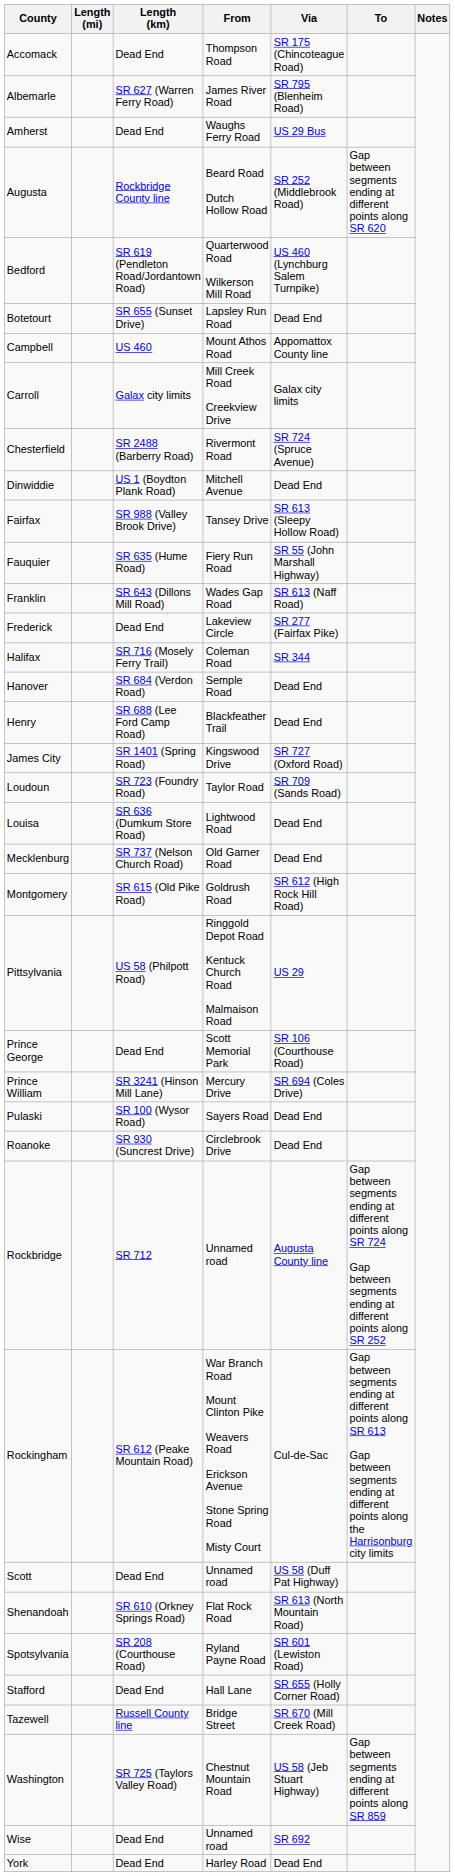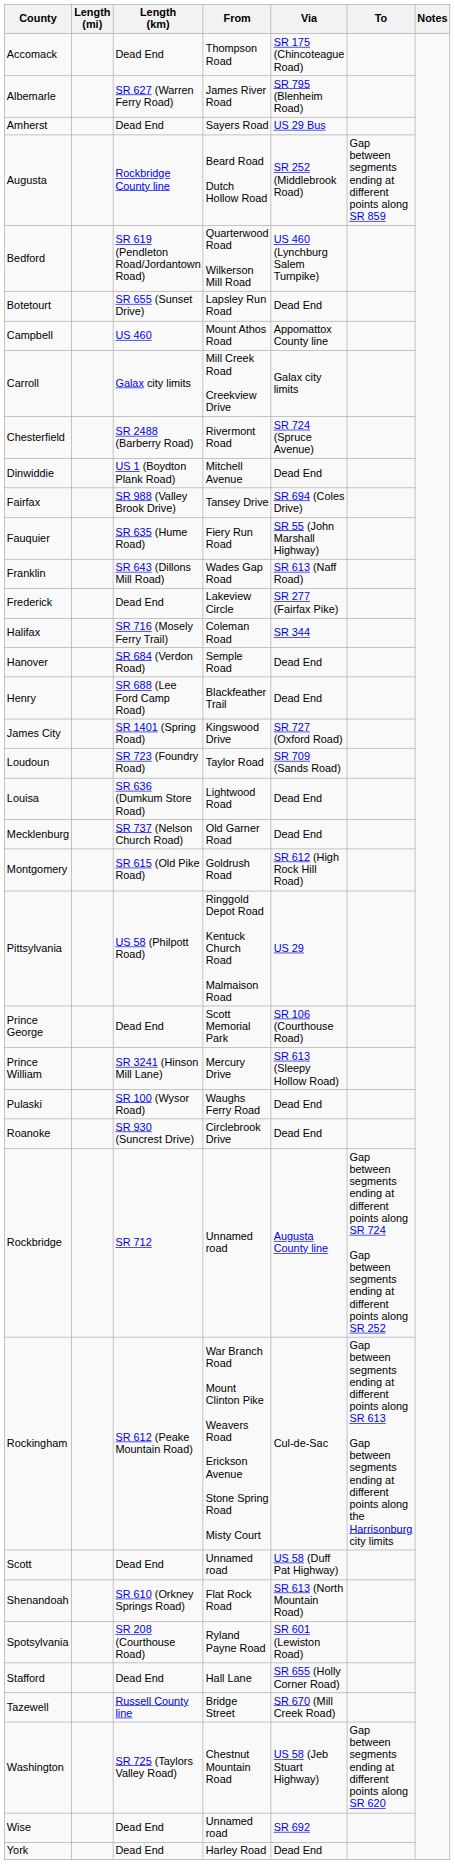 <table class="wikitable sortable">
 <tr>
 <th>County</th>
 <th>Length<br>(mi)</th>
 <th>Length<br>(km)</th>
 <th class="unsortable">From</th>
 <th class="unsortable">Via</th>
 <th class="unsortable">To</th>
 <th class="unsortable">Notes</th>
 </tr>
 <tr>
 <td id="Accomack">Accomack</td>
 <td></td>
 <td>Dead End</td>
 <td>Thompson Road</td>
 <td><a href='#'>SR 175</a> (Chincoteague Road)</td>
 <td></td>
 </tr>
 <tr>
 <td id="Albemarle">Albemarle</td>
 <td></td>
 <td><a href='#'>SR 627</a> (Warren Ferry Road)</td>
 <td>James River Road</td>
 <td><a href='#'>SR 795</a> (Blenheim Road)</td>
 <td><br> </td>
 </tr>
 <tr>
 <td id="Amherst">Amherst</td>
 <td></td>
 <td>Dead End</td>
-<td>Waughs Ferry Road</td>
+<td>Sayers Road</td>
 <td><a href='#'>US 29 Bus</a></td>
 <td><br> </td>
 </tr>
 <tr>
 <td id="Augusta">Augusta</td>
 <td></td>
 <td><a href='#'>Rockbridge County line</a></td>
 <td>Beard Road<br><br>Dutch Hollow Road</td>
 <td><a href='#'>SR 252</a> (Middlebrook Road)</td>
-<td>Gap between segments ending at different points along <a href='#'>SR 620</a><br></td>
+<td>Gap between segments ending at different points along <a href='#'>SR 859</a><br></td>
 </tr>
 <tr>
 <td id="Bedford">Bedford</td>
 <td></td>
 <td><a href='#'>SR 619</a> (Pendleton Road/Jordantown Road)</td>
 <td>Quarterwood Road<br><br>Wilkerson Mill Road</td>
 <td><a href='#'>US 460</a> (Lynchburg Salem Turnpike)</td>
 <td><br></td>
 </tr>
 <tr>
 <td id="Botetourt">Botetourt</td>
 <td></td>
 <td><a href='#'>SR 655</a> (Sunset Drive)</td>
 <td>Lapsley Run Road</td>
 <td>Dead End</td>
 <td><br>  </td>
 </tr>
 <tr>
 <td id="Campbell">Campbell</td>
 <td></td>
 <td><a href='#'>US 460</a></td>
 <td>Mount Athos Road</td>
 <td>Appomattox County line</td>
 <td><br></td>
 </tr>
 <tr>
 <td id="Carroll">Carroll</td>
 <td></td>
 <td><a href='#'>Galax</a> city limits</td>
 <td>Mill Creek Road<br><br>Creekview Drive</td>
 <td>Galax city limits</td>
 <td><br> </td>
 </tr>
 <tr>
 <td id="Chesterfield">Chesterfield</td>
 <td></td>
 <td><a href='#'>SR 2488</a> (Barberry Road)</td>
 <td>Rivermont Road</td>
 <td><a href='#'>SR 724</a> (Spruce Avenue)</td>
 <td><br>    </td>
 </tr>
 <tr>
 <td id="Dinwiddie">Dinwiddie</td>
 <td></td>
 <td><a href='#'>US 1</a> (Boydton Plank Road)</td>
 <td>Mitchell Avenue</td>
 <td>Dead End</td>
 <td><br></td>
 </tr>
 <tr>
 <td id="Fairfax">Fairfax</td>
 <td></td>
 <td><a href='#'>SR 988</a> (Valley Brook Drive)</td>
 <td>Tansey Drive</td>
-<td><a href='#'>SR 613</a> (Sleepy Hollow Road)</td>
+<td><a href='#'>SR 694</a> (Coles Drive)</td>
 <td></td>
 </tr>
 <tr>
 <td id="Fauquier">Fauquier</td>
 <td></td>
 <td><a href='#'>SR 635</a> (Hume Road)</td>
 <td>Fiery Run Road</td>
 <td><a href='#'>SR 55</a> (John Marshall Highway)</td>
 <td><br> </td>
 </tr>
 <tr>
 <td id="Franklin">Franklin</td>
 <td></td>
 <td><a href='#'>SR 643</a> (Dillons Mill Road)</td>
 <td>Wades Gap Road</td>
 <td><a href='#'>SR 613</a> (Naff Road)</td>
 <td></td>
 </tr>
 <tr>
 <td id="Frederick">Frederick</td>
 <td></td>
 <td>Dead End</td>
 <td>Lakeview Circle</td>
 <td><a href='#'>SR 277</a> (Fairfax Pike)</td>
 <td><br>     </td>
 </tr>
 <tr>
 <td id="Halifax">Halifax</td>
 <td></td>
 <td><a href='#'>SR 716</a> (Mosely Ferry Trail)</td>
 <td>Coleman Road</td>
 <td><a href='#'>SR 344</a></td>
 <td></td>
 </tr>
 <tr>
 <td id="Hanover">Hanover</td>
 <td></td>
 <td><a href='#'>SR 684</a> (Verdon Road)</td>
 <td>Semple Road</td>
 <td>Dead End</td>
 <td><br></td>
 </tr>
 <tr>
 <td id="Henry">Henry</td>
 <td></td>
 <td><a href='#'>SR 688</a> (Lee Ford Camp Road)</td>
 <td>Blackfeather Trail</td>
 <td>Dead End</td>
 <td><br> </td>
 </tr>
 <tr>
 <td id="James City">James City</td>
 <td></td>
 <td><a href='#'>SR 1401</a> (Spring Road)</td>
 <td>Kingswood Drive</td>
 <td><a href='#'>SR 727</a> (Oxford Road)</td>
 <td><br>    </td>
 </tr>
 <tr>
 <td id="Loudoun">Loudoun</td>
 <td></td>
 <td><a href='#'>SR 723</a> (Foundry Road)</td>
 <td>Taylor Road</td>
 <td><a href='#'>SR 709</a> (Sands Road)</td>
 <td></td>
 </tr>
 <tr>
 <td id="Louisa">Louisa</td>
 <td></td>
 <td><a href='#'>SR 636</a> (Dumkum Store Road)</td>
 <td>Lightwood Road</td>
 <td>Dead End</td>
 <td><br>  </td>
 </tr>
 <tr>
 <td id="Mecklenburg">Mecklenburg</td>
 <td></td>
 <td><a href='#'>SR 737</a> (Nelson Church Road)</td>
 <td>Old Garner Road</td>
 <td>Dead End</td>
 <td><br></td>
 </tr>
 <tr>
 <td id="Montgomery">Montgomery</td>
 <td></td>
 <td><a href='#'>SR 615</a> (Old Pike Road)</td>
 <td>Goldrush Road</td>
 <td><a href='#'>SR 612</a> (High Rock Hill Road)</td>
 <td><br>       </td>
 </tr>
 <tr>
 <td id="Pittsylvania">Pittsylvania</td>
 <td></td>
 <td><a href='#'>US 58</a> (Philpott Road)</td>
 <td>Ringgold Depot Road<br><br>Kentuck Church Road<br><br>Malmaison Road</td>
 <td><a href='#'>US 29</a></td>
 <td><br> </td>
 </tr>
 <tr>
 <td id="Prince George">Prince George</td>
 <td></td>
 <td>Dead End</td>
 <td>Scott Memorial Park</td>
 <td><a href='#'>SR 106</a> (Courthouse Road)</td>
 <td></td>
 </tr>
 <tr>
 <td id="Prince William">Prince William</td>
 <td></td>
 <td><a href='#'>SR 3241</a> (Hinson Mill Lane)</td>
 <td>Mercury Drive</td>
-<td><a href='#'>SR 694</a> (Coles Drive)</td>
+<td><a href='#'>SR 613</a> (Sleepy Hollow Road)</td>
 <td></td>
 </tr>
 <tr>
 <td id="Pulaski">Pulaski</td>
 <td></td>
 <td><a href='#'>SR 100</a> (Wysor Road)</td>
-<td>Sayers Road</td>
+<td>Waughs Ferry Road</td>
 <td>Dead End</td>
 <td><br> </td>
 </tr>
 <tr>
 <td id="Roanoke">Roanoke</td>
 <td></td>
 <td><a href='#'>SR 930</a> (Suncrest Drive)</td>
 <td>Circlebrook Drive</td>
 <td>Dead End</td>
 <td></td>
 </tr>
 <tr>
 <td id="Rockbridge">Rockbridge</td>
 <td></td>
 <td><a href='#'>SR 712</a></td>
 <td>Unnamed road</td>
 <td><a href='#'>Augusta County line</a></td>
 <td>Gap between segments ending at different points along <a href='#'>SR 724</a><br><br>Gap between segments ending at different points along <a href='#'>SR 252</a></td>
 </tr>
 <tr>
 <td id="Rockingham">Rockingham</td>
 <td></td>
 <td><a href='#'>SR 612</a> (Peake Mountain Road)</td>
 <td>War Branch Road<br><br>Mount Clinton Pike<br><br>Weavers Road<br><br>Erickson Avenue<br><br>Stone Spring Road<br><br>Misty Court</td>
 <td>Cul-de-Sac</td>
 <td>Gap between segments ending at different points along <a href='#'>SR 613</a><br><br>Gap between segments ending at different points along the <a href='#'>Harrisonburg</a> city limits<br></td>
 </tr>
 <tr>
 <td id="Scott">Scott</td>
 <td></td>
 <td>Dead End</td>
 <td>Unnamed road</td>
 <td><a href='#'>US 58</a> (Duff Pat Highway)</td>
 <td></td>
 </tr>
 <tr>
 <td id="Shenandoah">Shenandoah</td>
 <td></td>
 <td><a href='#'>SR 610</a> (Orkney Springs Road)</td>
 <td>Flat Rock Road</td>
 <td><a href='#'>SR 613</a> (North Mountain Road)</td>
 <td><br> </td>
 </tr>
 <tr>
 <td id="Spotsylvania">Spotsylvania</td>
 <td></td>
 <td><a href='#'>SR 208</a> (Courthouse Road)</td>
 <td>Ryland Payne Road</td>
 <td><a href='#'>SR 601</a> (Lewiston Road)</td>
 <td></td>
 </tr>
 <tr>
 <td id="Stafford">Stafford</td>
 <td></td>
 <td>Dead End</td>
 <td>Hall Lane</td>
 <td><a href='#'>SR 655</a> (Holly Corner Road)</td>
 <td><br> </td>
 </tr>
 <tr>
 <td id="Tazewell">Tazewell</td>
 <td></td>
 <td><a href='#'>Russell County line</a></td>
 <td>Bridge Street</td>
 <td><a href='#'>SR 670</a> (Mill Creek Road)</td>
 <td><br></td>
 </tr>
 <tr>
 <td id="Washington">Washington</td>
 <td></td>
 <td><a href='#'>SR 725</a> (Taylors Valley Road)</td>
 <td>Chestnut Mountain Road</td>
 <td><a href='#'>US 58</a> (Jeb Stuart Highway)</td>
-<td>Gap between segments ending at different points along <a href='#'>SR 859</a><br></td>
+<td>Gap between segments ending at different points along <a href='#'>SR 620</a><br></td>
 </tr>
 <tr>
 <td id="Wise">Wise</td>
 <td></td>
 <td>Dead End</td>
 <td>Unnamed road</td>
 <td><a href='#'>SR 692</a></td>
 <td><br></td>
 </tr>
 <tr>
 <td id="York">York</td>
 <td></td>
 <td>Dead End</td>
 <td>Harley Road</td>
 <td>Dead End</td>
 <td></td>
 </tr>
 </table>
